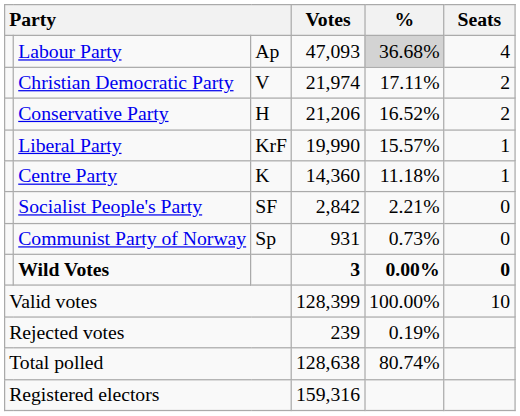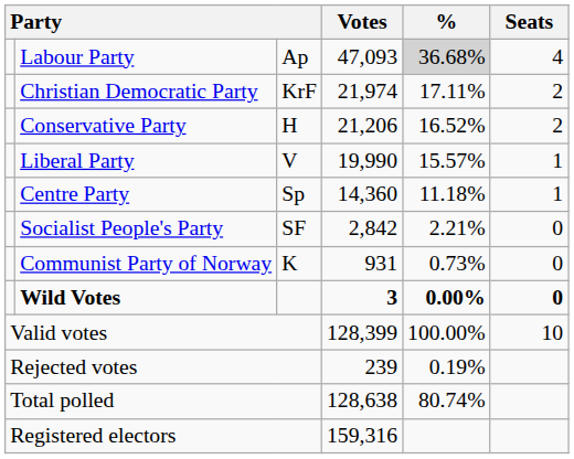 <table class="wikitable" border="1" style="text-align:right;">
 <tr>
 <th style="text-align:left;" colspan=3>Party</th>
 <th align=center width="50">Votes</th>
 <th align=center width="50">%</th>
 <th align=center width="50">Seats</th>
 </tr>
 <tr>
 <td style="color:inherit;background:"></td>
 <td align=left><a href='#'>Labour Party</a></td>
 <td align=left>Ap</td>
 <td>47,093</td>
 <td style="background: lightgrey;">36.68%</td>
 <td>4</td>
 </tr>
 <tr>
 <td style="color:inherit;background:"></td>
 <td align=left><a href='#'>Christian Democratic Party</a></td>
-<td align=left>V</td>
+<td align=left>KrF</td>
 <td>21,974</td>
 <td>17.11%</td>
 <td>2</td>
 </tr>
 <tr>
 <td style="color:inherit;background:"></td>
 <td align=left><a href='#'>Conservative Party</a></td>
 <td align=left>H</td>
 <td>21,206</td>
 <td>16.52%</td>
 <td>2</td>
 </tr>
 <tr>
 <td style="color:inherit;background:"></td>
 <td align=left><a href='#'>Liberal Party</a></td>
-<td align=left>KrF</td>
+<td align=left>V</td>
 <td>19,990</td>
 <td>15.57%</td>
 <td>1</td>
 </tr>
 <tr>
 <td style="color:inherit;background:"></td>
 <td align=left><a href='#'>Centre Party</a></td>
-<td align=left>K</td>
+<td align=left>Sp</td>
 <td>14,360</td>
 <td>11.18%</td>
 <td>1</td>
 </tr>
 <tr>
 <td style="color:inherit;background:"></td>
 <td align=left><a href='#'>Socialist People's Party</a></td>
 <td align=left>SF</td>
 <td>2,842</td>
 <td>2.21%</td>
 <td>0</td>
 </tr>
 <tr>
 <td style="color:inherit;background:"></td>
 <td align=left><a href='#'>Communist Party of Norway</a></td>
-<td align=left>Sp</td>
+<td align=left>K</td>
 <td>931</td>
 <td>0.73%</td>
 <td>0</td>
 </tr>
 <tr style="font-weight:bold">
 <td></td>
 <td align=left>Wild Votes</td>
 <td align=left></td>
 <td>3</td>
 <td>0.00%</td>
 <td>0</td>
 </tr>
 <tr>
 <td align=left colspan=3>Valid votes</td>
 <td>128,399</td>
 <td>100.00%</td>
 <td>10</td>
 </tr>
 <tr>
 <td align=left colspan=3>Rejected votes</td>
 <td>239</td>
 <td>0.19%</td>
 <td></td>
 </tr>
 <tr>
 <td align=left colspan=3>Total polled</td>
 <td>128,638</td>
 <td>80.74%</td>
 <td></td>
 </tr>
 <tr>
 <td align=left colspan=3>Registered electors</td>
 <td>159,316</td>
 <td></td>
 <td></td>
 </tr>
 </table>
